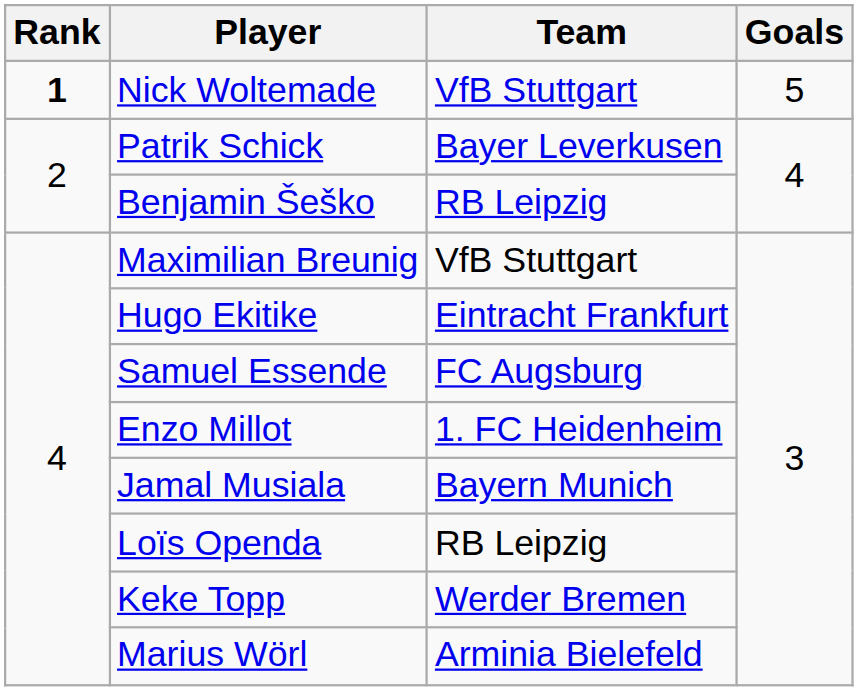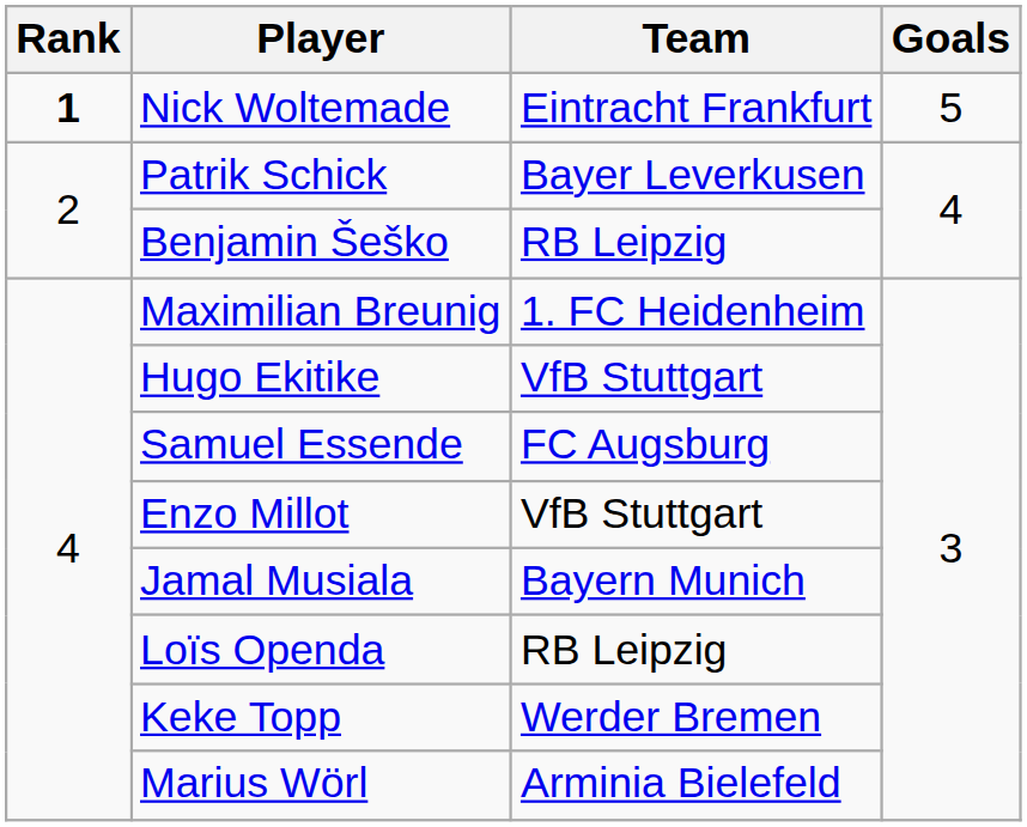 <table class="wikitable sortable" style="text-align:center;">
 <tr>
 <th>Rank</th>
 <th>Player</th>
 <th>Team</th>
 <th>Goals</th>
 </tr>
 <tr>
 <td><strong>1</strong></td>
 <td align=left> <a href='#'>Nick Woltemade</a></td>
-<td align=left><a href='#'>VfB Stuttgart</a></td>
+<td align=left><a href='#'>Eintracht Frankfurt</a></td>
 <td>5</td>
 </tr>
 <tr>
 <td rowspan="2">2</td>
 <td align=left> <a href='#'>Patrik Schick</a></td>
 <td align=left><a href='#'>Bayer Leverkusen</a></td>
 <td rowspan="2">4</td>
 </tr>
 <tr>
 <td align=left> <a href='#'>Benjamin Šeško</a></td>
 <td align=left><a href='#'>RB Leipzig</a></td>
 </tr>
 <tr>
 <td rowspan="8">4</td>
 <td align=left> <a href='#'>Maximilian Breunig</a></td>
-<td align=left>VfB Stuttgart</td>
+<td align=left><a href='#'>1. FC Heidenheim</a></td>
 <td rowspan="8">3</td>
 </tr>
 <tr>
 <td align=left> <a href='#'>Hugo Ekitike</a></td>
-<td align=left><a href='#'>Eintracht Frankfurt</a></td>
+<td align=left><a href='#'>VfB Stuttgart</a></td>
 </tr>
 <tr>
 <td align=left> <a href='#'>Samuel Essende</a></td>
 <td align=left><a href='#'>FC Augsburg</a></td>
 </tr>
 <tr>
 <td align=left> <a href='#'>Enzo Millot</a></td>
-<td align=left><a href='#'>1. FC Heidenheim</a></td>
+<td align=left>VfB Stuttgart</td>
 </tr>
 <tr>
 <td align=left> <a href='#'>Jamal Musiala</a></td>
 <td align=left><a href='#'>Bayern Munich</a></td>
 </tr>
 <tr>
 <td align=left> <a href='#'>Loïs Openda</a></td>
 <td align=left>RB Leipzig</td>
 </tr>
 <tr>
 <td align=left> <a href='#'>Keke Topp</a></td>
 <td align=left><a href='#'>Werder Bremen</a></td>
 </tr>
 <tr>
 <td align=left> <a href='#'>Marius Wörl</a></td>
 <td align=left><a href='#'>Arminia Bielefeld</a></td>
 </tr>
 </table>
